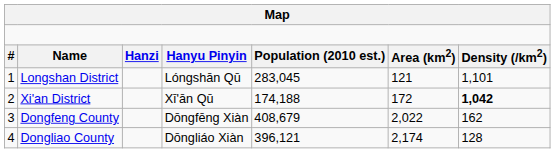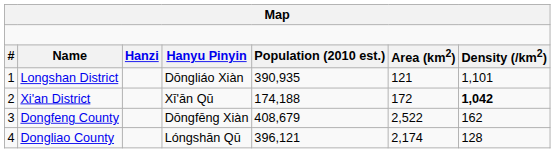 <table class="wikitable"  style="font-size:90%;" align=center>
 <tr>
 <th colspan=7 align="center">Map</th>
 </tr>
 <tr>
 <td colspan=7 align="center"><div><br>       </div></td>
 </tr>
 <tr>
 <th>#</th>
 <th>Name</th>
 <th><a href='#'>Hanzi</a></th>
 <th><a href='#'>Hanyu Pinyin</a></th>
 <th>Population (2010 est.)</th>
 <th>Area (km<sup>2</sup>)</th>
 <th>Density (/km<sup>2</sup>)</th>
 </tr>
 <tr --------->
 <td>1</td>
 <td><a href='#'>Longshan District</a></td>
 <td></td>
-<td>Lóngshān Qū</td>
-<td>283,045</td>
+<td>Dōngliáo Xiàn</td>
+<td>390,935</td>
 <td>121</td>
 <td>1,101</td>
 </tr>
 <tr --------->
 <td>2</td>
 <td><a href='#'>Xi'an District</a></td>
 <td></td>
 <td>Xī'ān Qū</td>
 <td>174,188</td>
 <td>172</td>
 <td><strong>1,042</strong></td>
 </tr>
 <tr --------->
 <td>3</td>
 <td><a href='#'>Dongfeng County</a></td>
 <td></td>
 <td>Dōngfēng Xiàn</td>
 <td>408,679</td>
-<td>2,022</td>
+<td>2,522</td>
 <td>162</td>
 </tr>
 <tr --------->
 <td>4</td>
 <td><a href='#'>Dongliao County</a></td>
 <td></td>
-<td>Dōngliáo Xiàn</td>
+<td>Lóngshān Qū</td>
 <td>396,121</td>
 <td>2,174</td>
 <td>128</td>
 </tr>
 </table>
